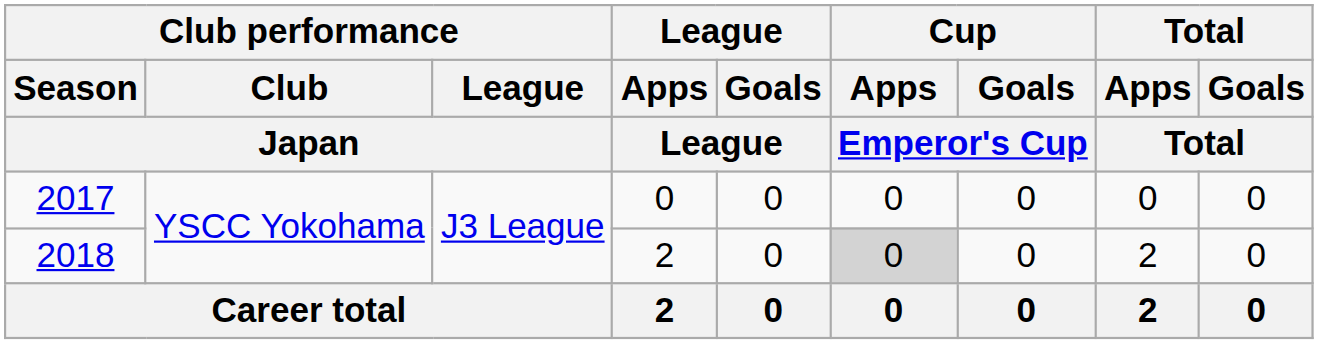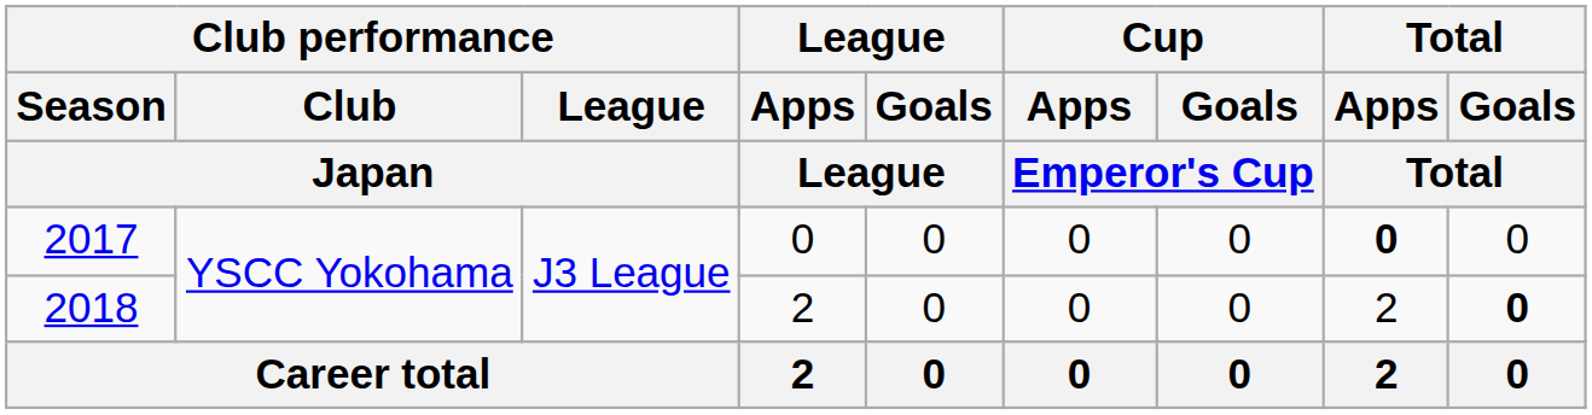 <table class="wikitable" style="text-align:center">
 <tr>
 <th colspan=3>Club performance</th>
 <th colspan=2>League</th>
 <th colspan=2>Cup</th>
 <th colspan=2>Total</th>
 </tr>
 <tr>
 <th>Season</th>
 <th>Club</th>
 <th>League</th>
 <th>Apps</th>
 <th>Goals</th>
 <th>Apps</th>
 <th>Goals</th>
 <th>Apps</th>
 <th>Goals</th>
 </tr>
 <tr>
 <th colspan=3>Japan</th>
 <th colspan=2>League</th>
 <th colspan=2><a href='#'>Emperor's Cup</a></th>
 <th colspan=2>Total</th>
 </tr>
 <tr>
 <td><a href='#'>2017</a></td>
 <td rowspan="2"><a href='#'>YSCC Yokohama</a></td>
 <td rowspan="2"><a href='#'>J3 League</a></td>
 <td>0</td>
 <td>0</td>
 <td>0</td>
 <td>0</td>
-<td>0</td>
+<td><strong>0</strong></td>
 <td>0</td>
 </tr>
 <tr>
 <td><a href='#'>2018</a></td>
 <td>2</td>
 <td>0</td>
-<td style="background: lightgrey;">0</td>
+<td>0</td>
 <td>0</td>
 <td>2</td>
-<td>0</td>
+<td><strong>0</strong></td>
 </tr>
 <tr>
 <th colspan=3>Career total</th>
 <th>2</th>
 <th>0</th>
 <th>0</th>
 <th>0</th>
 <th>2</th>
 <th>0</th>
 </tr>
 </table>
